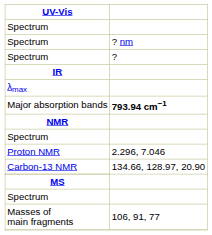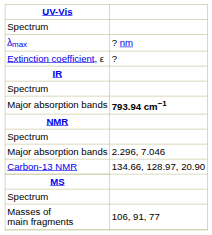 <table border="1" cellspacing="0" cellpadding="3" style="margin: 0 0 0 0.5em; background: #FFFFFF; border-collapse: collapse; border-color: #C0C090;">
 <tr>
 <th><a href='#'>UV-Vis</a></th>
 </tr>
 <tr>
 <td>Spectrum</td>
 <td></td>
 </tr>
 <tr>
-<td>Spectrum</td>
+<td><a href='#'>λ<sub>max</sub></a></td>
 <td>? <a href='#'>nm</a></td>
 </tr>
 <tr>
-<td>Spectrum</td>
+<td><a href='#'>Extinction coefficient</a>, ε</td>
 <td>?</td>
 </tr>
 <tr>
 <th><a href='#'>IR</a></th>
 </tr>
 <tr>
-<td><a href='#'>λ<sub>max</sub></a></td>
+<td>Spectrum</td>
 <td></td>
 </tr>
 <tr>
 <td>Major absorption bands</td>
 <td><strong>793.94 cm<sup>−1</sup></strong></td>
 </tr>
 <tr>
 <th><a href='#'>NMR</a></th>
 </tr>
 <tr>
 <td>Spectrum</td>
 <td></td>
 </tr>
 <tr>
-<td><a href='#'>Proton NMR</a> </td>
+<td>Major absorption bands</td>
 <td>2.296, 7.046</td>
 </tr>
 <tr>
 <td><a href='#'>Carbon-13 NMR</a> </td>
 <td>134.66, 128.97, 20.90</td>
 </tr>
 <tr>
 </tr>
 <tr>
 <th><a href='#'>MS</a></th>
 </tr>
 <tr>
 <td>Spectrum</td>
 <td></td>
 </tr>
 <tr>
 <td>Masses of <br>main fragments</td>
 <td>106, 91, 77</td>
 </tr>
 <tr>
 </tr>
 </table>
